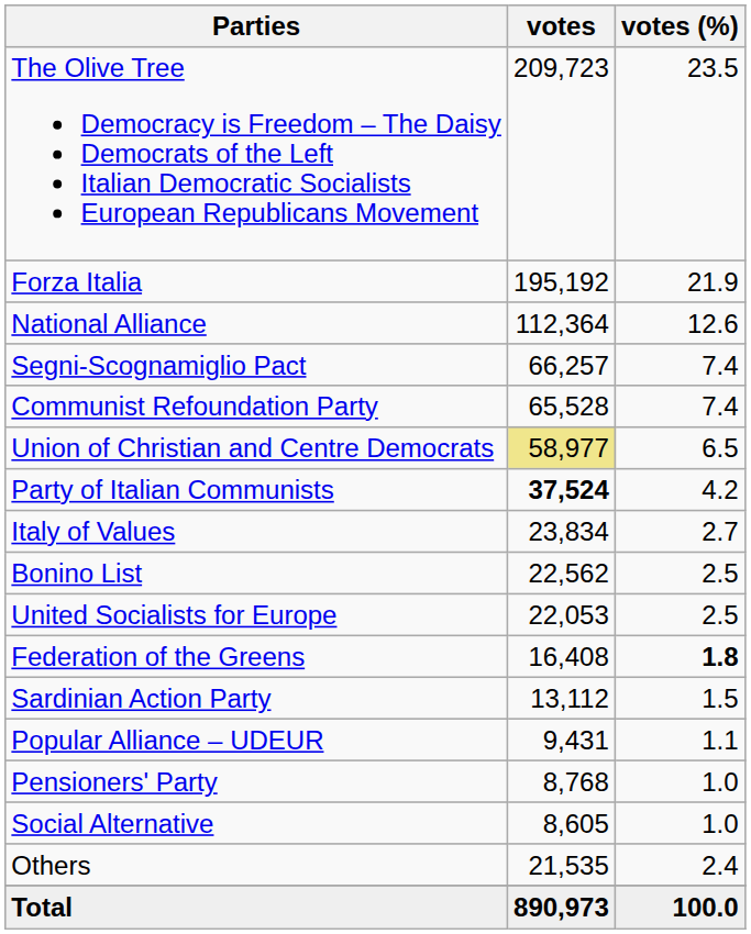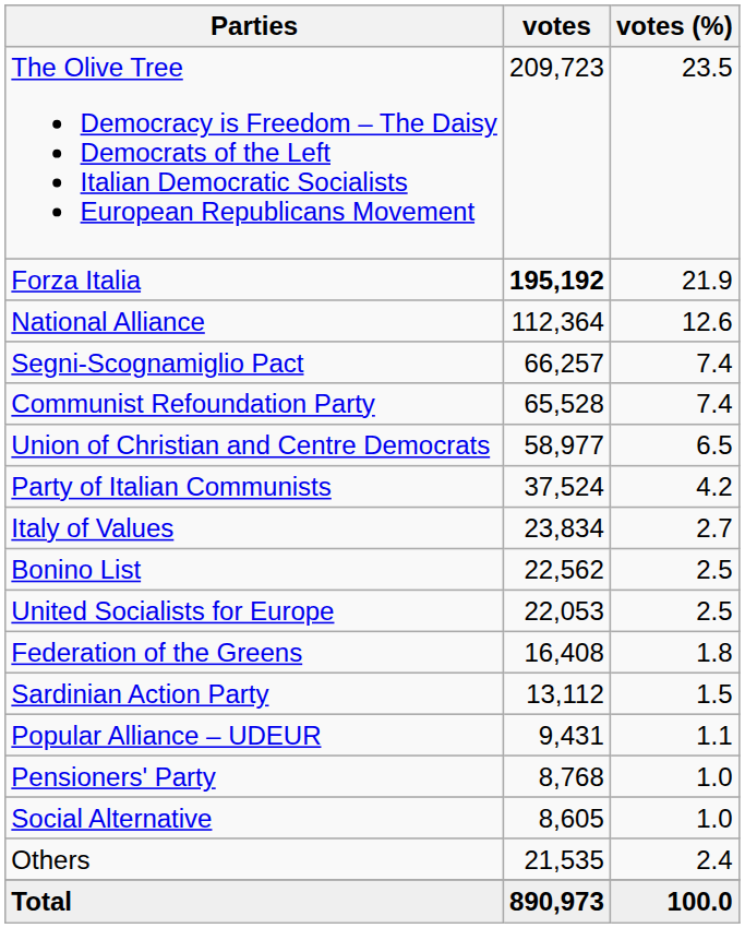 <table class="wikitable" style="font-size:95%">
 <tr bgcolor="EFEFEF">
 <th>Parties</th>
 <th>votes</th>
 <th>votes (%)</th>
 </tr>
 <tr>
 <td><a href='#'>The Olive Tree</a><br><ul><li><a href='#'>Democracy is Freedom – The Daisy</a></li><li><a href='#'>Democrats of the Left</a></li><li><a href='#'>Italian Democratic Socialists</a></li><li><a href='#'>European Republicans Movement</a></li></ul></td>
 <td align=right valign=top>209,723</td>
 <td align=right valign=top>23.5</td>
 </tr>
 <tr>
 <td><a href='#'>Forza Italia</a></td>
-<td align=right>195,192</td>
+<td align=right><strong>195,192</strong></td>
 <td align=right>21.9</td>
 </tr>
 <tr>
 <td><a href='#'>National Alliance</a></td>
 <td align=right>112,364</td>
 <td align=right>12.6</td>
 </tr>
 <tr>
 <td><a href='#'>Segni-Scognamiglio Pact</a></td>
 <td align=right>66,257</td>
 <td align=right>7.4</td>
 </tr>
 <tr>
 <td><a href='#'>Communist Refoundation Party</a></td>
 <td align=right>65,528</td>
 <td align=right>7.4</td>
 </tr>
 <tr>
 <td><a href='#'>Union of Christian and Centre Democrats</a></td>
-<td align=right style="background: khaki;">58,977</td>
+<td align=right>58,977</td>
 <td align=right>6.5</td>
 </tr>
 <tr>
 <td><a href='#'>Party of Italian Communists</a></td>
-<td align=right><strong>37,524</strong></td>
+<td align=right>37,524</td>
 <td align=right>4.2</td>
 </tr>
 <tr>
 <td><a href='#'>Italy of Values</a></td>
 <td align=right>23,834</td>
 <td align=right>2.7</td>
 </tr>
 <tr>
 <td><a href='#'>Bonino List</a></td>
 <td align=right>22,562</td>
 <td align=right>2.5</td>
 </tr>
 <tr>
 <td><a href='#'>United Socialists for Europe</a></td>
 <td align=right>22,053</td>
 <td align=right>2.5</td>
 </tr>
 <tr>
 <td><a href='#'>Federation of the Greens</a></td>
 <td align=right>16,408</td>
-<td align=right><strong>1.8</strong></td>
+<td align=right>1.8</td>
 </tr>
 <tr>
 <td><a href='#'>Sardinian Action Party</a></td>
 <td align=right>13,112</td>
 <td align=right>1.5</td>
 </tr>
 <tr>
 <td><a href='#'>Popular Alliance – UDEUR</a></td>
 <td align=right>9,431</td>
 <td align=right>1.1</td>
 </tr>
 <tr>
 <td><a href='#'>Pensioners' Party</a></td>
 <td align=right>8,768</td>
 <td align=right>1.0</td>
 </tr>
 <tr>
 <td><a href='#'>Social Alternative</a></td>
 <td align=right>8,605</td>
 <td align=right>1.0</td>
 </tr>
 <tr>
 <td>Others</td>
 <td align=right>21,535</td>
 <td align=right>2.4</td>
 </tr>
 <tr>
 </tr>
 <tr bgcolor="EFEFEF">
 <td><strong>Total</strong></td>
 <td align=right><strong>890,973</strong></td>
 <td align=right><strong>100.0</strong></td>
 </tr>
 </table>
